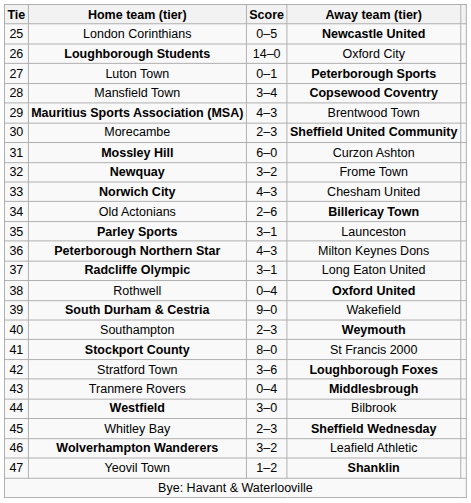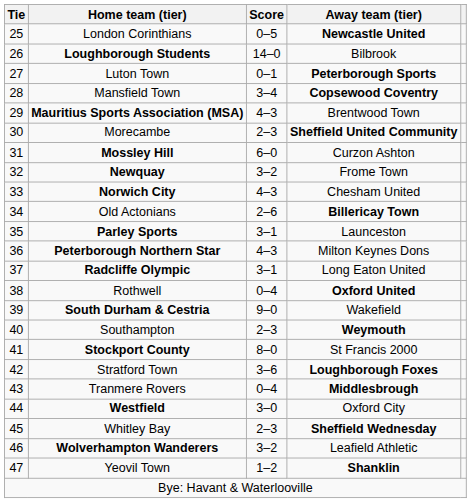 <table class="wikitable" style="text-align:center; font-size:85%">
 <tr>
 <th>Tie</th>
 <th>Home team (tier)</th>
 <th>Score</th>
 <th>Away team (tier)</th>
 <th></th>
 </tr>
 <tr>
 <td>25</td>
 <td>London Corinthians</td>
 <td>0–5</td>
 <td><strong>Newcastle United</strong></td>
 <td></td>
 </tr>
 <tr>
 <td>26</td>
 <td><strong>Loughborough Students</strong></td>
 <td align="center">14–0</td>
-<td>Oxford City</td>
+<td>Bilbrook</td>
 <td></td>
 </tr>
 <tr>
 <td>27</td>
 <td>Luton Town</td>
 <td align="center">0–1</td>
 <td><strong>Peterborough Sports</strong></td>
 <td></td>
 </tr>
 <tr>
 <td>28</td>
 <td>Mansfield Town</td>
 <td>3–4</td>
 <td><strong>Copsewood Coventry</strong></td>
 <td></td>
 </tr>
 <tr>
 <td>29</td>
 <td><strong>Mauritius Sports Association (MSA)</strong></td>
 <td>4–3 </td>
 <td>Brentwood Town</td>
 <td></td>
 </tr>
 <tr>
 <td>30</td>
 <td>Morecambe</td>
 <td>2–3</td>
 <td><strong>Sheffield United Community</strong></td>
 <td></td>
 </tr>
 <tr>
 <td>31</td>
 <td><strong>Mossley Hill</strong></td>
 <td>6–0</td>
 <td>Curzon Ashton</td>
 <td></td>
 </tr>
 <tr>
 <td>32</td>
 <td><strong>Newquay</strong></td>
 <td>3–2</td>
 <td>Frome Town</td>
 <td></td>
 </tr>
 <tr>
 <td>33</td>
 <td><strong>Norwich City</strong></td>
 <td>4–3</td>
 <td>Chesham United</td>
 <td></td>
 </tr>
 <tr>
 <td>34</td>
 <td>Old Actonians</td>
 <td>2–6</td>
 <td><strong>Billericay Town</strong></td>
 <td></td>
 </tr>
 <tr>
 <td>35</td>
 <td><strong>Parley Sports</strong></td>
 <td>3–1</td>
 <td>Launceston</td>
 <td></td>
 </tr>
 <tr>
 <td>36</td>
 <td><strong>Peterborough Northern Star</strong></td>
 <td>4–3 </td>
 <td>Milton Keynes Dons</td>
 <td></td>
 </tr>
 <tr>
 <td>37</td>
 <td><strong>Radcliffe Olympic</strong></td>
 <td>3–1</td>
 <td>Long Eaton United</td>
 <td></td>
 </tr>
 <tr>
 <td>38</td>
 <td>Rothwell</td>
 <td>0–4</td>
 <td><strong>Oxford United</strong></td>
 <td></td>
 </tr>
 <tr>
 <td>39</td>
 <td><strong>South Durham & Cestria</strong></td>
 <td align="center">9–0</td>
 <td>Wakefield</td>
 <td></td>
 </tr>
 <tr>
 <td>40</td>
 <td>Southampton</td>
 <td>2–3</td>
 <td><strong>Weymouth</strong></td>
 <td></td>
 </tr>
 <tr>
 <td>41</td>
 <td><strong>Stockport County</strong></td>
 <td align="center">8–0</td>
 <td>St Francis 2000</td>
 <td></td>
 </tr>
 <tr>
 <td>42</td>
 <td>Stratford Town</td>
 <td>3–6</td>
 <td><strong>Loughborough Foxes</strong></td>
 <td></td>
 </tr>
 <tr>
 <td>43</td>
 <td>Tranmere Rovers</td>
 <td align="center">0–4</td>
 <td><strong>Middlesbrough</strong></td>
 <td></td>
 </tr>
 <tr>
 <td>44</td>
 <td><strong>Westfield</strong></td>
 <td align="center">3–0</td>
-<td>Bilbrook</td>
+<td>Oxford City</td>
 <td></td>
 </tr>
 <tr>
 <td>45</td>
 <td>Whitley Bay</td>
 <td>2–3</td>
 <td><strong>Sheffield Wednesday</strong></td>
 <td></td>
 </tr>
 <tr>
 <td>46</td>
 <td><strong>Wolverhampton Wanderers</strong></td>
 <td>3–2 </td>
 <td>Leafield Athletic</td>
 <td></td>
 </tr>
 <tr>
 <td>47</td>
 <td>Yeovil Town</td>
 <td>1–2 </td>
 <td><strong>Shanklin</strong></td>
 <td></td>
 </tr>
 <tr>
 <td colspan="5" align="centre">Bye: Havant & Waterlooville</td>
 </tr>
 </table>
